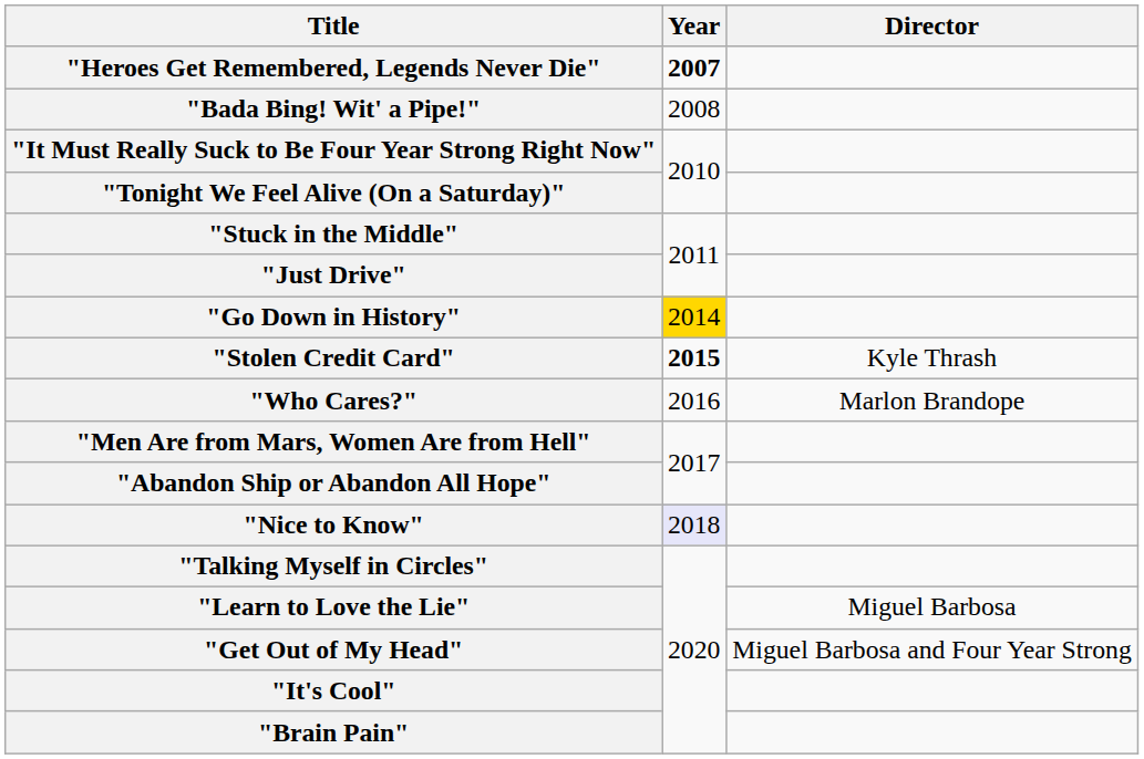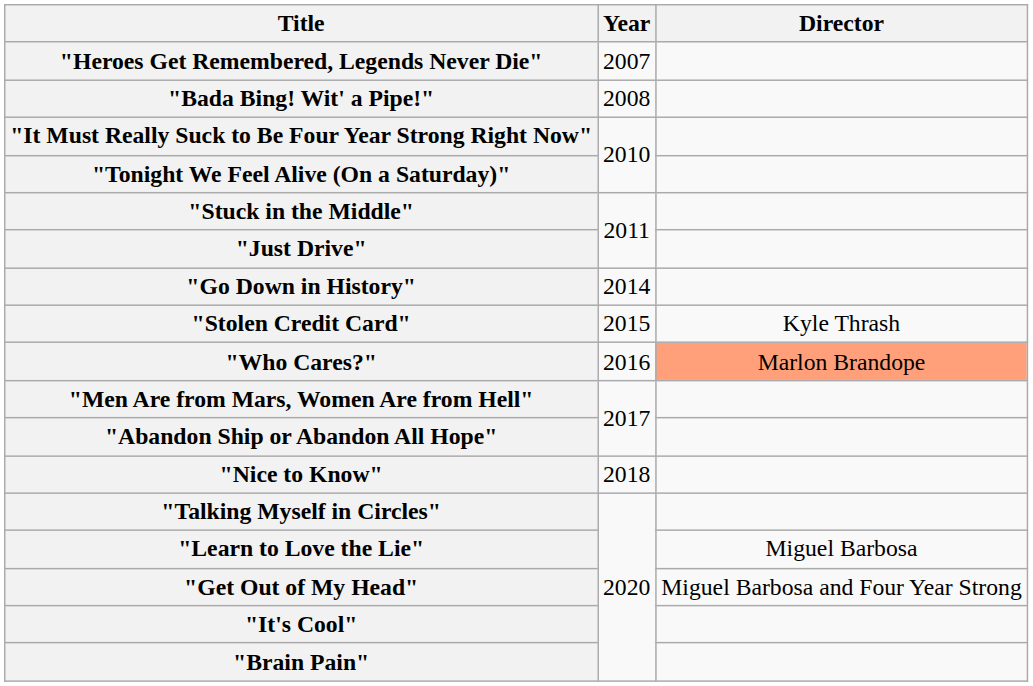 <table class="wikitable plainrowheaders" style="text-align:center;">
 <tr>
 <th rowspan="1">Title</th>
 <th rowspan="1">Year</th>
 <th rowspan="1">Director</th>
 </tr>
 <tr>
 <th scope="row">"Heroes Get Remembered, Legends Never Die"</th>
-<td><strong>2007</strong></td>
+<td>2007</td>
 <td></td>
 </tr>
 <tr>
 <th scope="row">"Bada Bing! Wit' a Pipe!"</th>
 <td>2008</td>
 <td></td>
 </tr>
 <tr>
 <th scope="row">"It Must Really Suck to Be Four Year Strong Right Now"</th>
 <td rowspan="2">2010</td>
 <td></td>
 </tr>
 <tr>
 <th scope="row">"Tonight We Feel Alive (On a Saturday)"</th>
 <td></td>
 </tr>
 <tr>
 <th scope="row">"Stuck in the Middle"</th>
 <td rowspan="2">2011</td>
 <td></td>
 </tr>
 <tr>
 <th scope="row">"Just Drive"</th>
 <td></td>
 </tr>
 <tr>
 <th scope="row">"Go Down in History"</th>
-<td style="background: gold;">2014</td>
+<td>2014</td>
 <td></td>
 </tr>
 <tr>
 <th scope="row">"Stolen Credit Card"</th>
-<td><strong>2015</strong></td>
+<td>2015</td>
 <td>Kyle Thrash</td>
 </tr>
 <tr>
 <th scope="row">"Who Cares?"</th>
 <td>2016</td>
-<td>Marlon Brandope</td>
+<td style="background: lightsalmon;">Marlon Brandope</td>
 </tr>
 <tr>
 <th scope="row">"Men Are from Mars, Women Are from Hell"</th>
 <td rowspan="2">2017</td>
 <td></td>
 </tr>
 <tr>
 <th scope="row">"Abandon Ship or Abandon All Hope"</th>
 <td></td>
 </tr>
 <tr>
 <th scope="row">"Nice to Know"</th>
-<td style="background: lavender;">2018</td>
+<td>2018</td>
 <td></td>
 </tr>
 <tr>
 <th scope="row">"Talking Myself in Circles"</th>
 <td rowspan="5">2020</td>
 <td></td>
 </tr>
 <tr>
 <th scope="row">"Learn to Love the Lie"</th>
 <td>Miguel Barbosa</td>
 </tr>
 <tr>
 <th scope="row">"Get Out of My Head"</th>
 <td>Miguel Barbosa and Four Year Strong</td>
 </tr>
 <tr>
 <th scope="row">"It's Cool"</th>
 <td></td>
 </tr>
 <tr>
 <th scope="row">"Brain Pain"</th>
 <td></td>
 </tr>
 </table>
